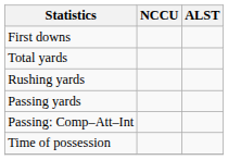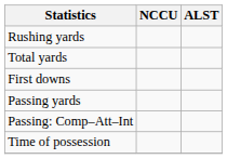 <table class="wikitable" style="float: left;">
 <tr>
 <th>Statistics</th>
 <th>NCCU</th>
 <th>ALST</th>
 </tr>
 <tr>
-<td>First downs</td>
+<td>Rushing yards</td>
 <td></td>
 <td></td>
 </tr>
 <tr>
 <td>Total yards</td>
 <td></td>
 <td></td>
 </tr>
 <tr>
-<td>Rushing yards</td>
+<td>First downs</td>
 <td></td>
 <td></td>
 </tr>
 <tr>
 <td>Passing yards</td>
 <td></td>
 <td></td>
 </tr>
 <tr>
 <td>Passing: Comp–Att–Int</td>
 <td></td>
 <td></td>
 </tr>
 <tr>
 <td>Time of possession</td>
 <td></td>
 <td></td>
 </tr>
 <tr>
 </tr>
 </table>
